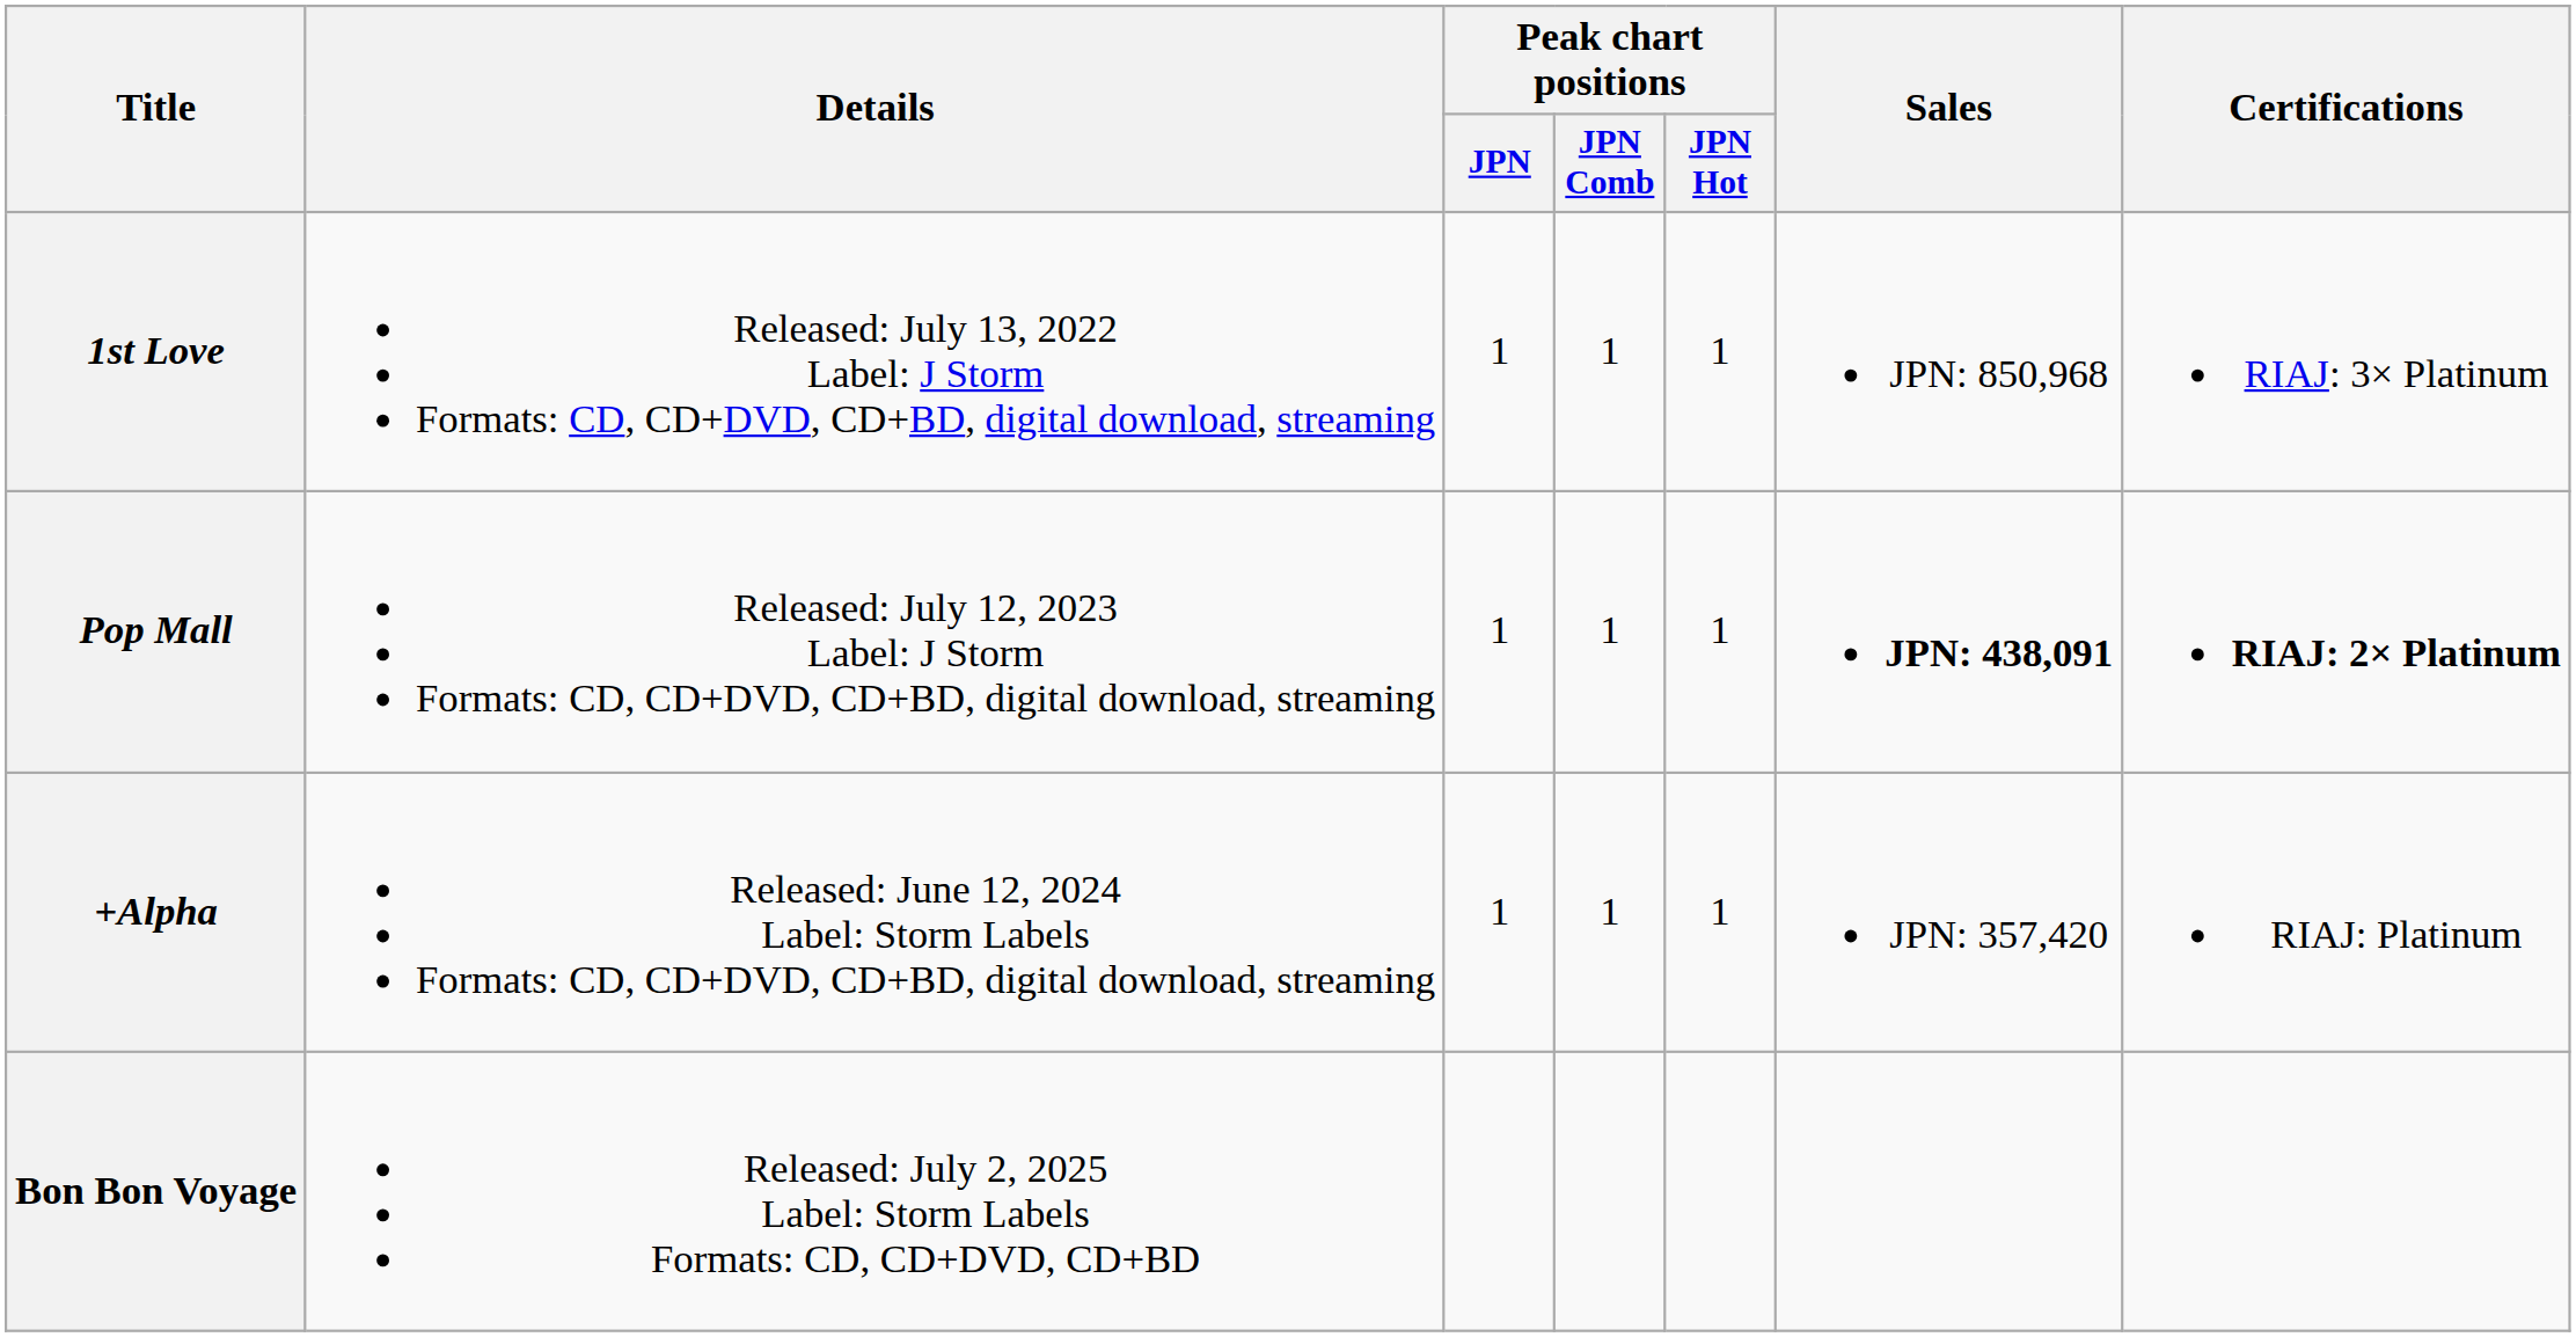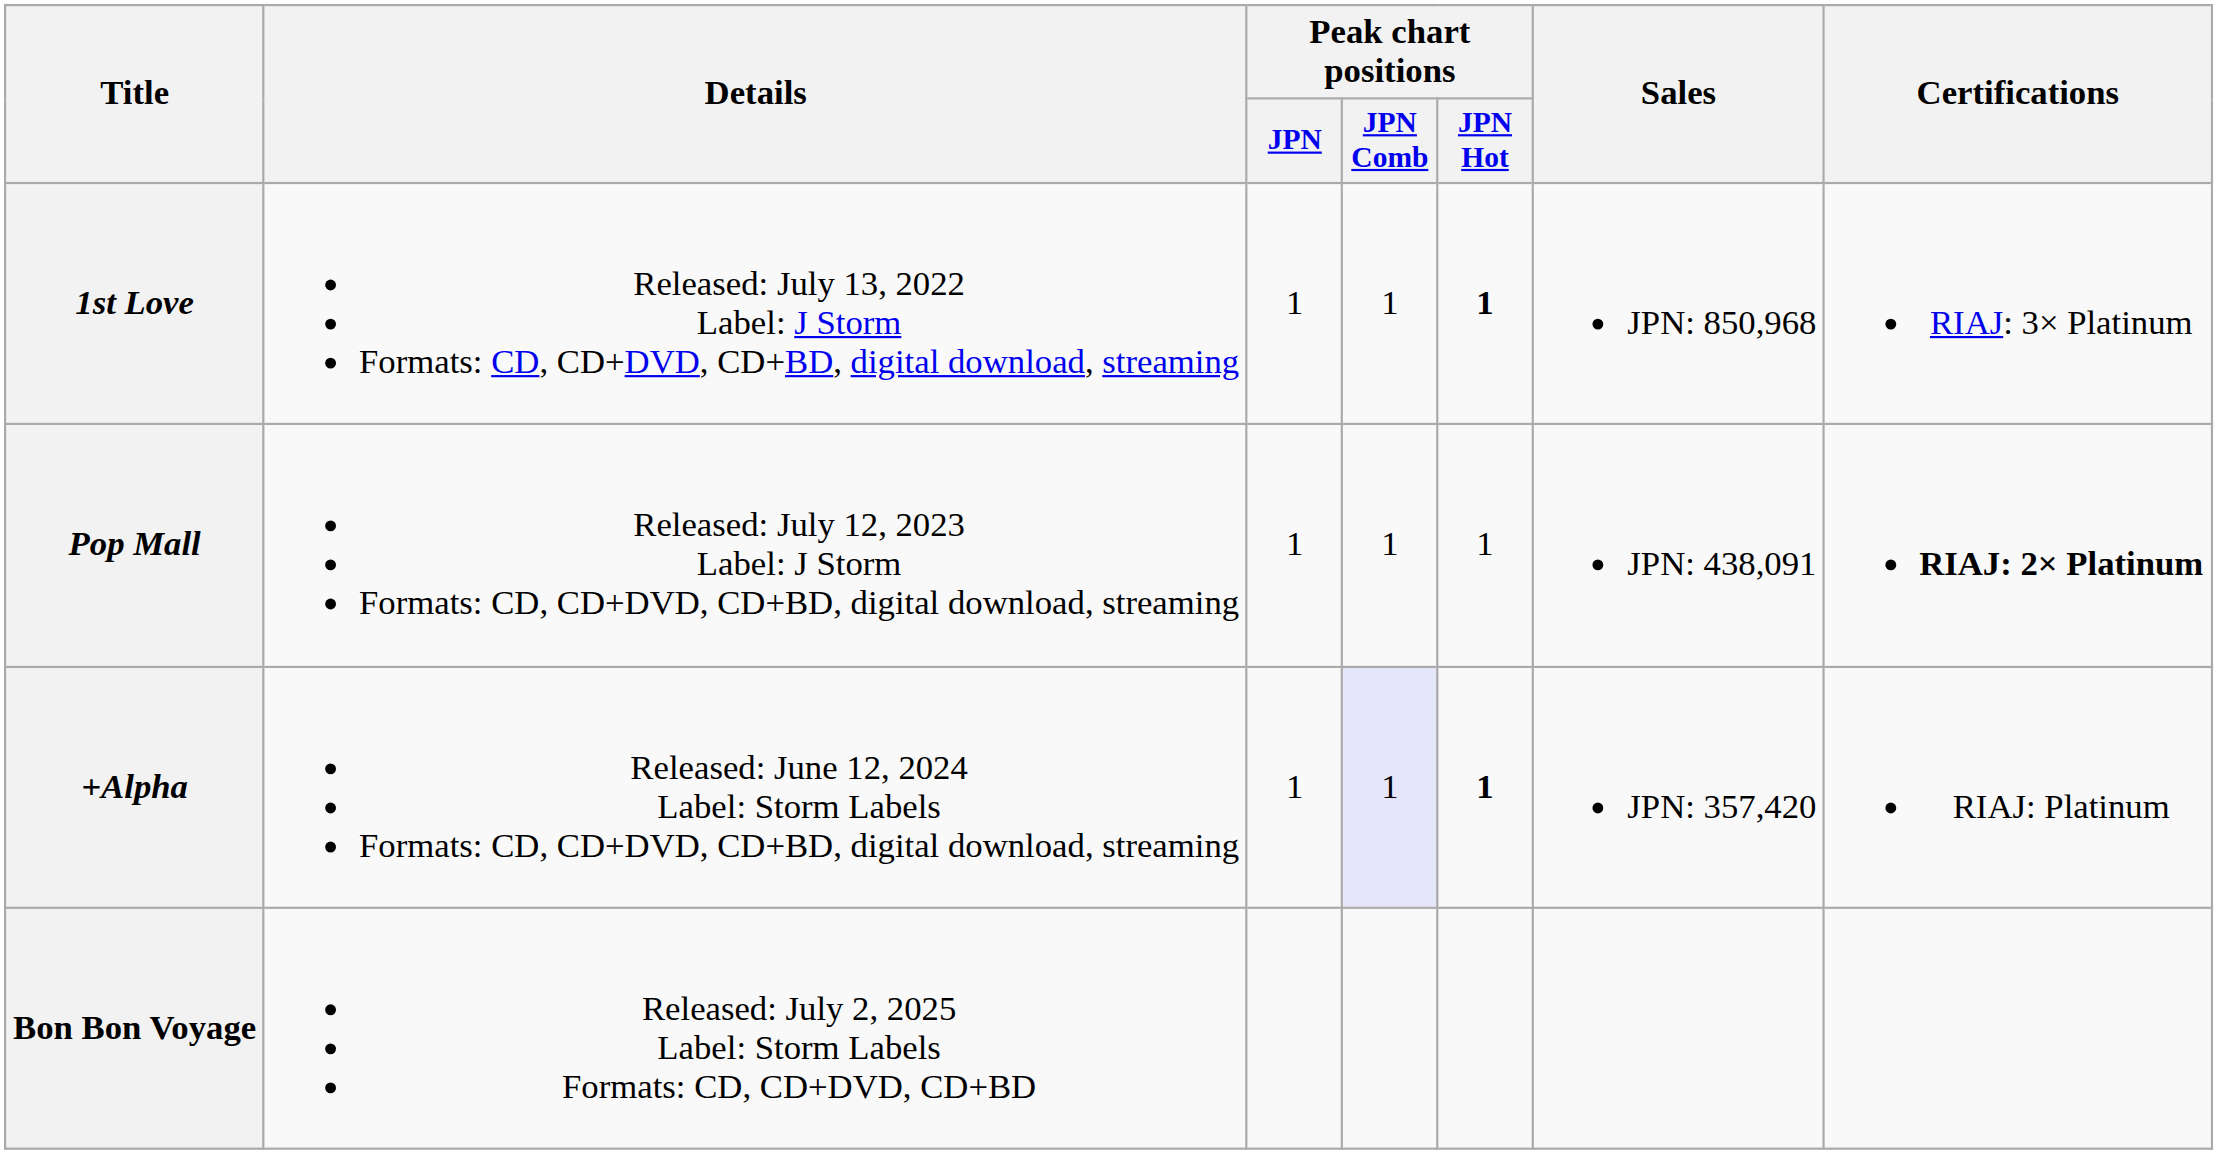 <table class="wikitable plainrowheaders" style="text-align:center;">
 <tr>
 <th scope="col" rowspan="2">Title</th>
 <th scope="col" rowspan="2">Details</th>
 <th scope="col" colspan="3">Peak chart positions</th>
 <th scope="col" rowspan="2">Sales</th>
 <th scope="col" rowspan="2">Certifications</th>
 </tr>
 <tr>
 <th scope="col" style="width:2.75em;font-size:85%;"><a href='#'>JPN</a><br></th>
 <th scope="col" style="width:2.75em;font-size:85%;"><a href='#'>JPN<br>Comb</a><br></th>
 <th scope="col" style="width:2.75em;font-size:85%;"><a href='#'>JPN<br>Hot</a><br></th>
 </tr>
 <tr>
 <th scope="row"><em>1st Love</em></th>
 <td><br><ul><li>Released: July 13, 2022</li><li>Label: <a href='#'>J Storm</a></li><li>Formats: <a href='#'>CD</a>, CD+<a href='#'>DVD</a>, CD+<a href='#'>BD</a>, <a href='#'>digital download</a>, <a href='#'>streaming</a></li></ul></td>
 <td>1</td>
 <td>1</td>
-<td>1</td>
+<td><strong>1</strong></td>
 <td><br><ul><li>JPN: 850,968</li></ul></td>
 <td><br><ul><li><a href='#'>RIAJ</a>: 3× Platinum </li></ul></td>
 </tr>
 <tr>
 <th scope="row"><em>Pop Mall</em></th>
 <td><br><ul><li>Released: July 12, 2023</li><li>Label: J Storm</li><li>Formats: CD, CD+DVD, CD+BD, digital download, streaming</li></ul></td>
 <td>1</td>
 <td>1</td>
 <td>1</td>
-<td><strong><br><ul><li>JPN: 438,091</li></ul></strong></td>
+<td><br><ul><li>JPN: 438,091</li></ul></td>
 <td><strong><br><ul><li>RIAJ: 2× Platinum </li></ul></strong></td>
 </tr>
 <tr>
 <th scope="row"><em>+Alpha</em></th>
 <td><br><ul><li>Released: June 12, 2024</li><li>Label: Storm Labels</li><li>Formats: CD, CD+DVD, CD+BD, digital download, streaming</li></ul></td>
 <td>1</td>
-<td>1</td>
-<td>1</td>
+<td style="background: lavender;">1</td>
+<td><strong>1</strong></td>
 <td><br><ul><li>JPN: 357,420</li></ul></td>
 <td><br><ul><li>RIAJ: Platinum </li></ul></td>
 </tr>
 <tr>
 <th>Bon Bon Voyage</th>
 <td><br><ul><li>Released: July 2, 2025</li><li>Label: Storm Labels</li><li>Formats: CD, CD+DVD, CD+BD</li></ul></td>
 <td></td>
 <td></td>
 <td></td>
 <td></td>
 <td></td>
 </tr>
 </table>
